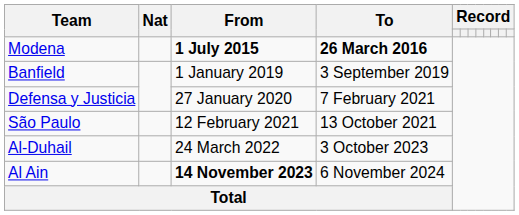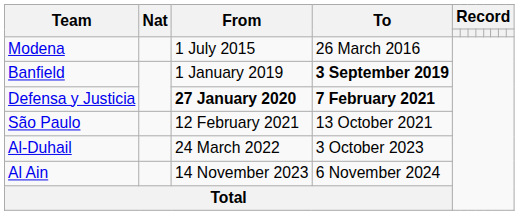 <table class="wikitable" tyle="text-align: center">
 <tr>
 <th rowspan="2">Team</th>
 <th rowspan="2">Nat</th>
 <th rowspan="2">From</th>
 <th rowspan="2">To</th>
 <th colspan="8">Record</th>
 </tr>
 <tr>
 <th></th>
 <th></th>
 <th></th>
 <th></th>
 <th></th>
 <th></th>
 <th></th>
 <th></th>
 </tr>
 <tr>
 <td align=left><a href='#'>Modena</a></td>
 <td align=left></td>
-<td align=left><strong>1 July 2015</strong></td>
-<td align=left><strong>26 March 2016<br></strong></td>
+<td align=left>1 July 2015</td>
+<td align=left>26 March 2016<br></td>
 </tr>
 <tr>
 <td align=left><a href='#'>Banfield</a></td>
 <td rowspan="2"></td>
 <td align=left>1 January 2019</td>
-<td align=left>3 September 2019<br></td>
+<td align=left><strong>3 September 2019<br></strong></td>
 </tr>
 <tr>
 <td align=left><a href='#'>Defensa y Justicia</a></td>
-<td align=left>27 January 2020</td>
-<td align=left>7 February 2021<br></td>
+<td align=left><strong>27 January 2020</strong></td>
+<td align=left><strong>7 February 2021<br></strong></td>
 </tr>
 <tr>
 <td align=left><a href='#'>São Paulo</a></td>
 <td align=left></td>
 <td align=left>12 February 2021</td>
 <td align=left>13 October 2021<br></td>
 </tr>
 <tr>
 <td align=left><a href='#'>Al-Duhail</a></td>
 <td align=left></td>
 <td align=left>24 March 2022</td>
 <td align=left>3 October 2023<br></td>
 </tr>
 <tr>
 <td align=left><a href='#'>Al Ain</a></td>
 <td align=left></td>
-<td align=left><strong>14 November 2023</strong></td>
+<td align=left>14 November 2023</td>
 <td align=left>6 November 2024<br></td>
 </tr>
 <tr>
 <th colspan="4">Total<br></th>
 </tr>
 </table>
